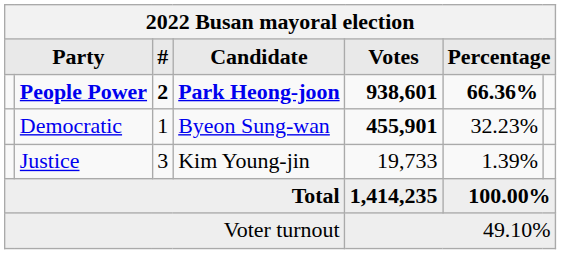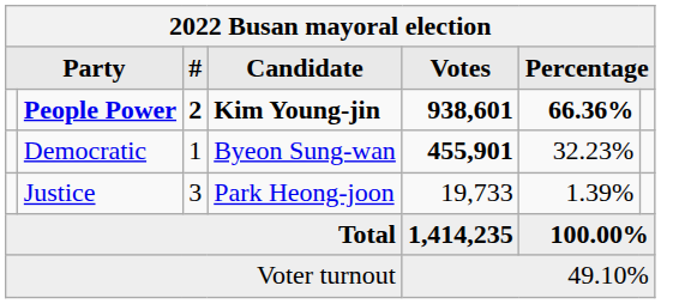 <table class="wikitable">
 <tr>
 <th colspan="7">2022 Busan mayoral election</th>
 </tr>
 <tr>
 <th style="background-color:#E9E9E9" colspan=2>Party</th>
 <th style="background-color:#E9E9E9">#</th>
 <th style="background-color:#E9E9E9">Candidate</th>
 <th style="background-color:#E9E9E9">Votes</th>
 <th style="background-color:#E9E9E9" colspan=2>Percentage</th>
 </tr>
 <tr style="font-weight:bold">
 <td></td>
 <td align=left><a href='#'>People Power</a></td>
 <td align=center>2</td>
-<td align=left><a href='#'>Park Heong-joon</a></td>
+<td align=left>Kim Young-jin</td>
 <td align=right>938,601</td>
 <td align=right>66.36%</td>
 <td align=right></td>
 </tr>
 <tr>
 <td></td>
 <td align=left><a href='#'>Democratic</a></td>
 <td align=center>1</td>
 <td align=left><a href='#'>Byeon Sung-wan</a></td>
 <td align=right><strong>455,901</strong></td>
 <td align=right>32.23%</td>
 <td align=right></td>
 </tr>
 <tr>
 <td></td>
 <td align=left><a href='#'>Justice</a></td>
 <td align=center>3</td>
-<td align=left>Kim Young-jin</td>
+<td align=left><a href='#'>Park Heong-joon</a></td>
 <td align=right>19,733</td>
 <td align=right>1.39%</td>
 <td align=right></td>
 </tr>
 <tr bgcolor="#EEEEEE" style="font-weight:bold">
 <td colspan="4" align=right>Total</td>
 <td align=right>1,414,235</td>
 <td align=right colspan=2>100.00%</td>
 </tr>
 <tr bgcolor="#EEEEEE">
 <td colspan="4" align="right">Voter turnout</td>
 <td colspan="3" align="right">49.10%</td>
 </tr>
 </table>
